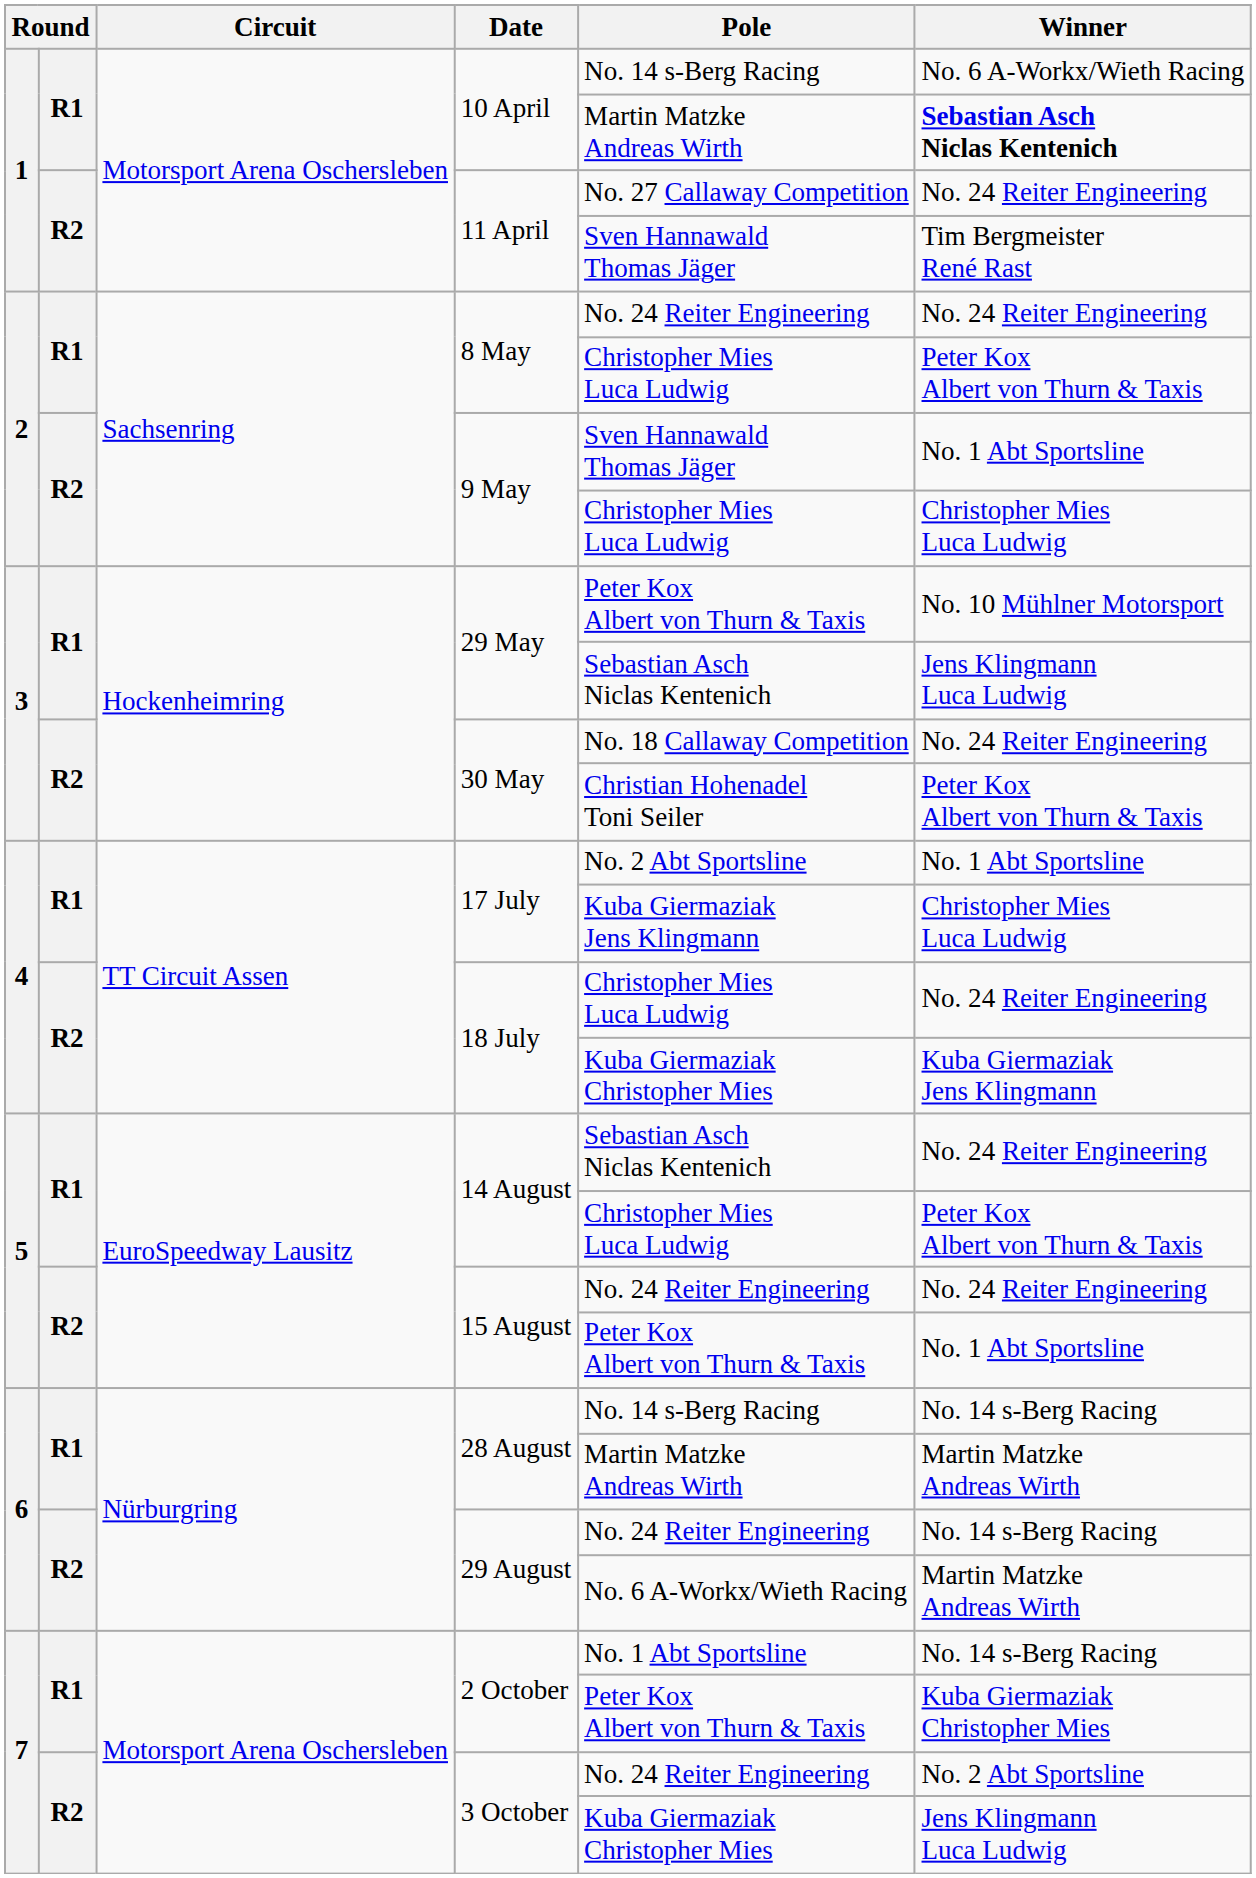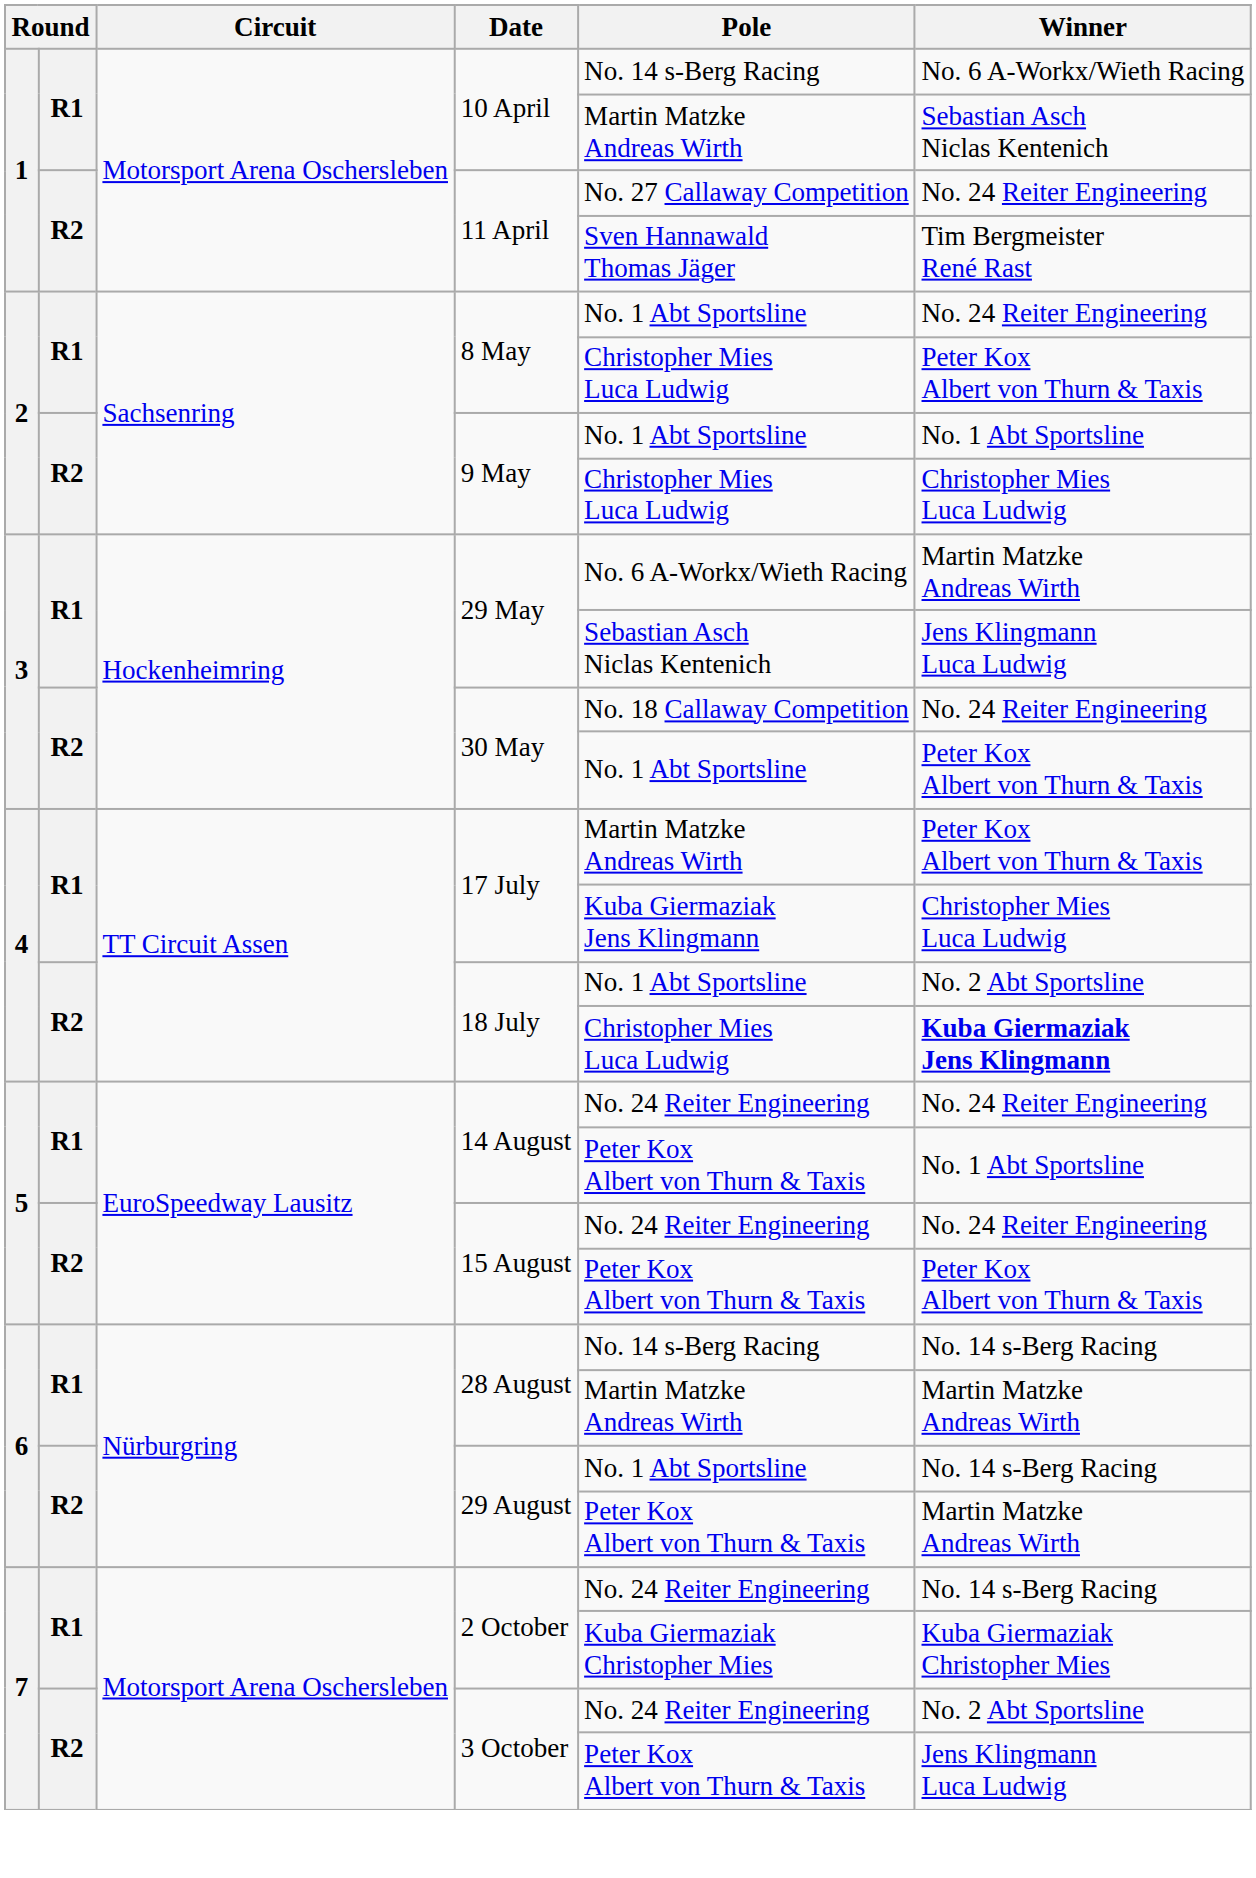 <table class="wikitable" style="font-size: 85%;">
 <tr>
 <th colspan=2>Round</th>
 <th>Circuit</th>
 <th>Date</th>
 <th>Pole</th>
 <th>Winner</th>
 </tr>
 <tr>
 <th rowspan=4>1</th>
 <th rowspan=2>R1</th>
 <td rowspan=4> <a href='#'>Motorsport Arena Oschersleben</a></td>
 <td rowspan=2>10 April</td>
 <td>No. 14 s-Berg Racing</td>
 <td>No. 6 A-Workx/Wieth Racing</td>
 </tr>
 <tr>
 <td> Martin Matzke<br> <a href='#'>Andreas Wirth</a></td>
-<td><strong> <a href='#'>Sebastian Asch</a><br> Niclas Kentenich</strong></td>
+<td> <a href='#'>Sebastian Asch</a><br> Niclas Kentenich</td>
 </tr>
 <tr>
 <th rowspan=2>R2</th>
 <td rowspan=2>11 April</td>
 <td>No. 27 <a href='#'>Callaway Competition</a></td>
 <td>No. 24 <a href='#'>Reiter Engineering</a></td>
 </tr>
 <tr>
 <td> <a href='#'>Sven Hannawald</a><br> <a href='#'>Thomas Jäger</a></td>
 <td> Tim Bergmeister<br> <a href='#'>René Rast</a></td>
 </tr>
 <tr>
 <th rowspan=4>2</th>
 <th rowspan=2>R1</th>
 <td rowspan=4> <a href='#'>Sachsenring</a></td>
 <td rowspan=2>8 May</td>
-<td>No. 24 <a href='#'>Reiter Engineering</a></td>
+<td>No. 1 <a href='#'>Abt Sportsline</a></td>
 <td>No. 24 <a href='#'>Reiter Engineering</a></td>
 </tr>
 <tr>
 <td> <a href='#'>Christopher Mies</a><br> <a href='#'>Luca Ludwig</a></td>
 <td> <a href='#'>Peter Kox</a><br> <a href='#'>Albert von Thurn & Taxis</a></td>
 </tr>
 <tr>
 <th rowspan=2>R2</th>
 <td rowspan=2>9 May</td>
-<td> <a href='#'>Sven Hannawald</a><br> <a href='#'>Thomas Jäger</a></td>
+<td>No. 1 <a href='#'>Abt Sportsline</a></td>
 <td>No. 1 <a href='#'>Abt Sportsline</a></td>
 </tr>
 <tr>
 <td> <a href='#'>Christopher Mies</a><br> <a href='#'>Luca Ludwig</a></td>
 <td> <a href='#'>Christopher Mies</a><br> <a href='#'>Luca Ludwig</a></td>
 </tr>
 <tr>
 <th rowspan=4>3</th>
 <th rowspan=2>R1</th>
 <td rowspan=4> <a href='#'>Hockenheimring</a></td>
 <td rowspan=2>29 May</td>
-<td> <a href='#'>Peter Kox</a><br> <a href='#'>Albert von Thurn & Taxis</a></td>
-<td>No. 10 <a href='#'>Mühlner Motorsport</a></td>
+<td>No. 6 A-Workx/Wieth Racing</td>
+<td> Martin Matzke<br> <a href='#'>Andreas Wirth</a></td>
 </tr>
 <tr>
 <td> <a href='#'>Sebastian Asch</a><br> Niclas Kentenich</td>
 <td> <a href='#'>Jens Klingmann</a><br> <a href='#'>Luca Ludwig</a></td>
 </tr>
 <tr>
 <th rowspan=2>R2</th>
 <td rowspan=2>30 May</td>
 <td>No. 18 <a href='#'>Callaway Competition</a></td>
 <td>No. 24 <a href='#'>Reiter Engineering</a></td>
 </tr>
 <tr>
-<td> <a href='#'>Christian Hohenadel</a><br> Toni Seiler</td>
+<td>No. 1 <a href='#'>Abt Sportsline</a></td>
 <td> <a href='#'>Peter Kox</a><br> <a href='#'>Albert von Thurn & Taxis</a></td>
 </tr>
 <tr>
 <th rowspan=4>4</th>
 <th rowspan=2>R1</th>
 <td rowspan=4> <a href='#'>TT Circuit Assen</a></td>
 <td rowspan=2>17 July</td>
-<td>No. 2 <a href='#'>Abt Sportsline</a></td>
-<td>No. 1 <a href='#'>Abt Sportsline</a></td>
+<td> Martin Matzke<br> <a href='#'>Andreas Wirth</a></td>
+<td> <a href='#'>Peter Kox</a><br> <a href='#'>Albert von Thurn & Taxis</a></td>
 </tr>
 <tr>
 <td> <a href='#'>Kuba Giermaziak</a><br> <a href='#'>Jens Klingmann</a></td>
 <td> <a href='#'>Christopher Mies</a><br> <a href='#'>Luca Ludwig</a></td>
 </tr>
 <tr>
 <th rowspan=2>R2</th>
 <td rowspan=2>18 July</td>
-<td> <a href='#'>Christopher Mies</a><br> <a href='#'>Luca Ludwig</a></td>
-<td>No. 24 <a href='#'>Reiter Engineering</a></td>
+<td>No. 1 <a href='#'>Abt Sportsline</a></td>
+<td>No. 2 <a href='#'>Abt Sportsline</a></td>
 </tr>
 <tr>
-<td> <a href='#'>Kuba Giermaziak</a><br> <a href='#'>Christopher Mies</a></td>
-<td> <a href='#'>Kuba Giermaziak</a><br> <a href='#'>Jens Klingmann</a></td>
+<td> <a href='#'>Christopher Mies</a><br> <a href='#'>Luca Ludwig</a></td>
+<td><strong> <a href='#'>Kuba Giermaziak</a><br> <a href='#'>Jens Klingmann</a></strong></td>
 </tr>
 <tr>
 <th rowspan=4>5</th>
 <th rowspan=2>R1</th>
 <td rowspan=4> <a href='#'>EuroSpeedway Lausitz</a></td>
 <td rowspan=2>14 August</td>
-<td> <a href='#'>Sebastian Asch</a><br> Niclas Kentenich</td>
+<td>No. 24 <a href='#'>Reiter Engineering</a></td>
 <td>No. 24 <a href='#'>Reiter Engineering</a></td>
 </tr>
 <tr>
-<td> <a href='#'>Christopher Mies</a><br> <a href='#'>Luca Ludwig</a></td>
 <td> <a href='#'>Peter Kox</a><br> <a href='#'>Albert von Thurn & Taxis</a></td>
+<td>No. 1 <a href='#'>Abt Sportsline</a></td>
 </tr>
 <tr>
 <th rowspan=2>R2</th>
 <td rowspan=2>15 August</td>
 <td>No. 24 <a href='#'>Reiter Engineering</a></td>
 <td>No. 24 <a href='#'>Reiter Engineering</a></td>
 </tr>
 <tr>
 <td> <a href='#'>Peter Kox</a><br> <a href='#'>Albert von Thurn & Taxis</a></td>
-<td>No. 1 <a href='#'>Abt Sportsline</a></td>
+<td> <a href='#'>Peter Kox</a><br> <a href='#'>Albert von Thurn & Taxis</a></td>
 </tr>
 <tr>
 <th rowspan=4>6</th>
 <th rowspan=2>R1</th>
 <td rowspan=4> <a href='#'>Nürburgring</a></td>
 <td rowspan=2>28 August</td>
 <td>No. 14 s-Berg Racing</td>
 <td>No. 14 s-Berg Racing</td>
 </tr>
 <tr>
 <td> Martin Matzke<br> <a href='#'>Andreas Wirth</a></td>
 <td> Martin Matzke<br> <a href='#'>Andreas Wirth</a></td>
 </tr>
 <tr>
 <th rowspan=2>R2</th>
 <td rowspan=2>29 August</td>
-<td>No. 24 <a href='#'>Reiter Engineering</a></td>
+<td>No. 1 <a href='#'>Abt Sportsline</a></td>
 <td>No. 14 s-Berg Racing</td>
 </tr>
 <tr>
-<td>No. 6 A-Workx/Wieth Racing</td>
+<td> <a href='#'>Peter Kox</a><br> <a href='#'>Albert von Thurn & Taxis</a></td>
 <td> Martin Matzke<br> <a href='#'>Andreas Wirth</a></td>
 </tr>
 <tr>
 <th rowspan=4>7</th>
 <th rowspan=2>R1</th>
 <td rowspan=4> <a href='#'>Motorsport Arena Oschersleben</a></td>
 <td rowspan=2>2 October</td>
-<td>No. 1 <a href='#'>Abt Sportsline</a></td>
+<td>No. 24 <a href='#'>Reiter Engineering</a></td>
 <td>No. 14 s-Berg Racing</td>
 </tr>
 <tr>
-<td> <a href='#'>Peter Kox</a><br> <a href='#'>Albert von Thurn & Taxis</a></td>
+<td> <a href='#'>Kuba Giermaziak</a><br> <a href='#'>Christopher Mies</a></td>
 <td> <a href='#'>Kuba Giermaziak</a><br> <a href='#'>Christopher Mies</a></td>
 </tr>
 <tr>
 <th rowspan=2>R2</th>
 <td rowspan=2>3 October</td>
 <td>No. 24 <a href='#'>Reiter Engineering</a></td>
 <td>No. 2 <a href='#'>Abt Sportsline</a></td>
 </tr>
 <tr>
-<td> <a href='#'>Kuba Giermaziak</a><br> <a href='#'>Christopher Mies</a></td>
+<td> <a href='#'>Peter Kox</a><br> <a href='#'>Albert von Thurn & Taxis</a></td>
 <td> <a href='#'>Jens Klingmann</a><br> <a href='#'>Luca Ludwig</a></td>
 </tr>
 </table>
